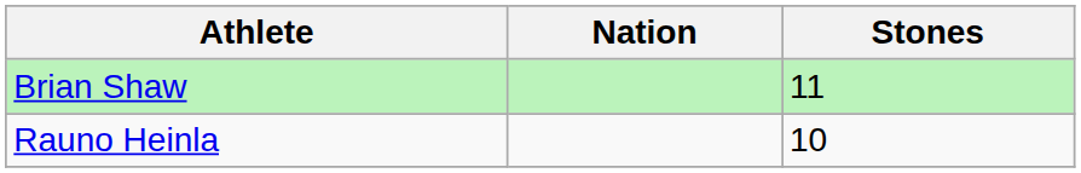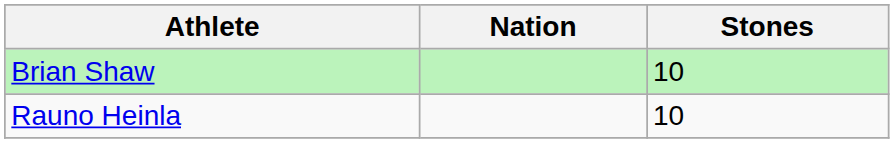 <table class="wikitable" style="display: inline-table; width: 40%;">
 <tr>
 <th scope="col">Athlete</th>
 <th scope="col">Nation</th>
 <th scope="col">Stones</th>
 </tr>
 <tr bgcolor=bbf3bb>
 <td><a href='#'>Brian Shaw</a></td>
 <td></td>
-<td>11</td>
+<td>10</td>
 </tr>
 <tr>
 <td><a href='#'>Rauno Heinla</a></td>
 <td></td>
 <td>10</td>
 </tr>
 </table>
